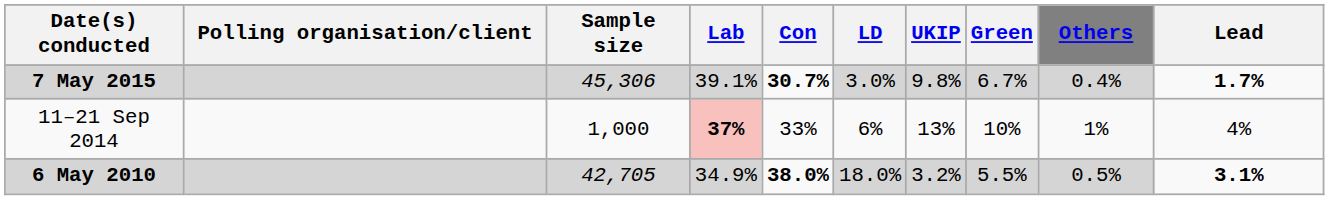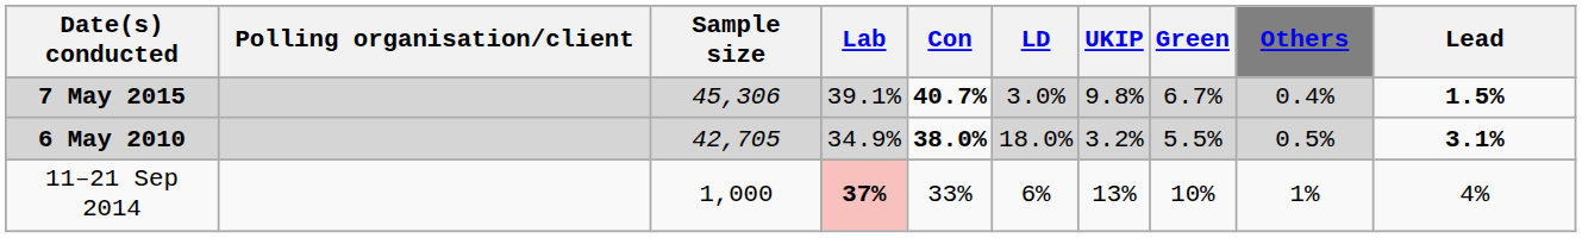 <table class="wikitable sortable" style="text-align:center;font-size:90%;line-height:14px">
 <tr>
 <th ! style="width:95px;">Date(s)<br>conducted</th>
 <th style="width:200px;">Polling organisation/client</th>
 <th class="unsortable" style="width:75px;">Sample size</th>
 <th class="unsortable" style="background:"><a href='#'><span>Lab</span></a></th>
 <th class="unsortable" style="background:"><a href='#'><span>Con</span></a></th>
 <th class="unsortable" style="background:"><a href='#'><span>LD</span></a></th>
 <th class="unsortable" style="background:"><a href='#'><span>UKIP</span></a></th>
 <th class="unsortable" style="background:"><a href='#'><span>Green</span></a></th>
 <th class="unsortable" style="background:gray; width:60px;"><a href='#'><span>Others</span></a></th>
 <th class="unsortable" style="width:90px;">Lead</th>
 </tr>
 <tr>
 <td style="background:#D5D5D5"><strong>7 May 2015</strong></td>
 <td style="background:#D5D5D5"></td>
 <td style="background:#D5D5D5"><em>45,306</em></td>
 <td style="background:#D5D5D5">39.1%</td>
-<td style="background:"><strong>30.7%</strong></td>
+<td style="background:"><strong>40.7%</strong></td>
 <td style="background:#D5D5D5">3.0%</td>
 <td style="background:#D5D5D5">9.8%</td>
 <td style="background:#D5D5D5">6.7%</td>
 <td style="background:#D5D5D5">0.4%</td>
-<td style="background:"><strong>1.7% </strong></td>
+<td style="background:"><strong>1.5% </strong></td>
+</tr>
+<tr>
+<td style="background:#D5D5D5"><strong>6 May 2010</strong></td>
+<td style="background:#D5D5D5"></td>
+<td style="background:#D5D5D5"><em>42,705</em></td>
+<td style="background:#D5D5D5">34.9%</td>
+<td style="background:"><strong>38.0%</strong></td>
+<td style="background:#D5D5D5">18.0%</td>
+<td style="background:#D5D5D5">3.2%</td>
+<td style="background:#D5D5D5">5.5%</td>
+<td style="background:#D5D5D5">0.5%</td>
+<td style="background:"><strong>3.1% </strong></td>
 </tr>
 <tr>
 <td>11–21 Sep 2014</td>
 <td></td>
 <td>1,000</td>
 <td style="background:#F8C1BE"><strong>37%</strong></td>
 <td>33%</td>
 <td>6%</td>
 <td>13%</td>
 <td>10%</td>
 <td>1%</td>
 <td style="background:">4%</td>
 </tr>
-<tr>
-<td style="background:#D5D5D5"><strong>6 May 2010</strong></td>
-<td style="background:#D5D5D5"></td>
-<td style="background:#D5D5D5"><em>42,705</em></td>
-<td style="background:#D5D5D5">34.9%</td>
-<td style="background:"><strong>38.0%</strong></td>
-<td style="background:#D5D5D5">18.0%</td>
-<td style="background:#D5D5D5">3.2%</td>
-<td style="background:#D5D5D5">5.5%</td>
-<td style="background:#D5D5D5">0.5%</td>
-<td style="background:"><strong>3.1% </strong></td>
-</tr>
 </table>
